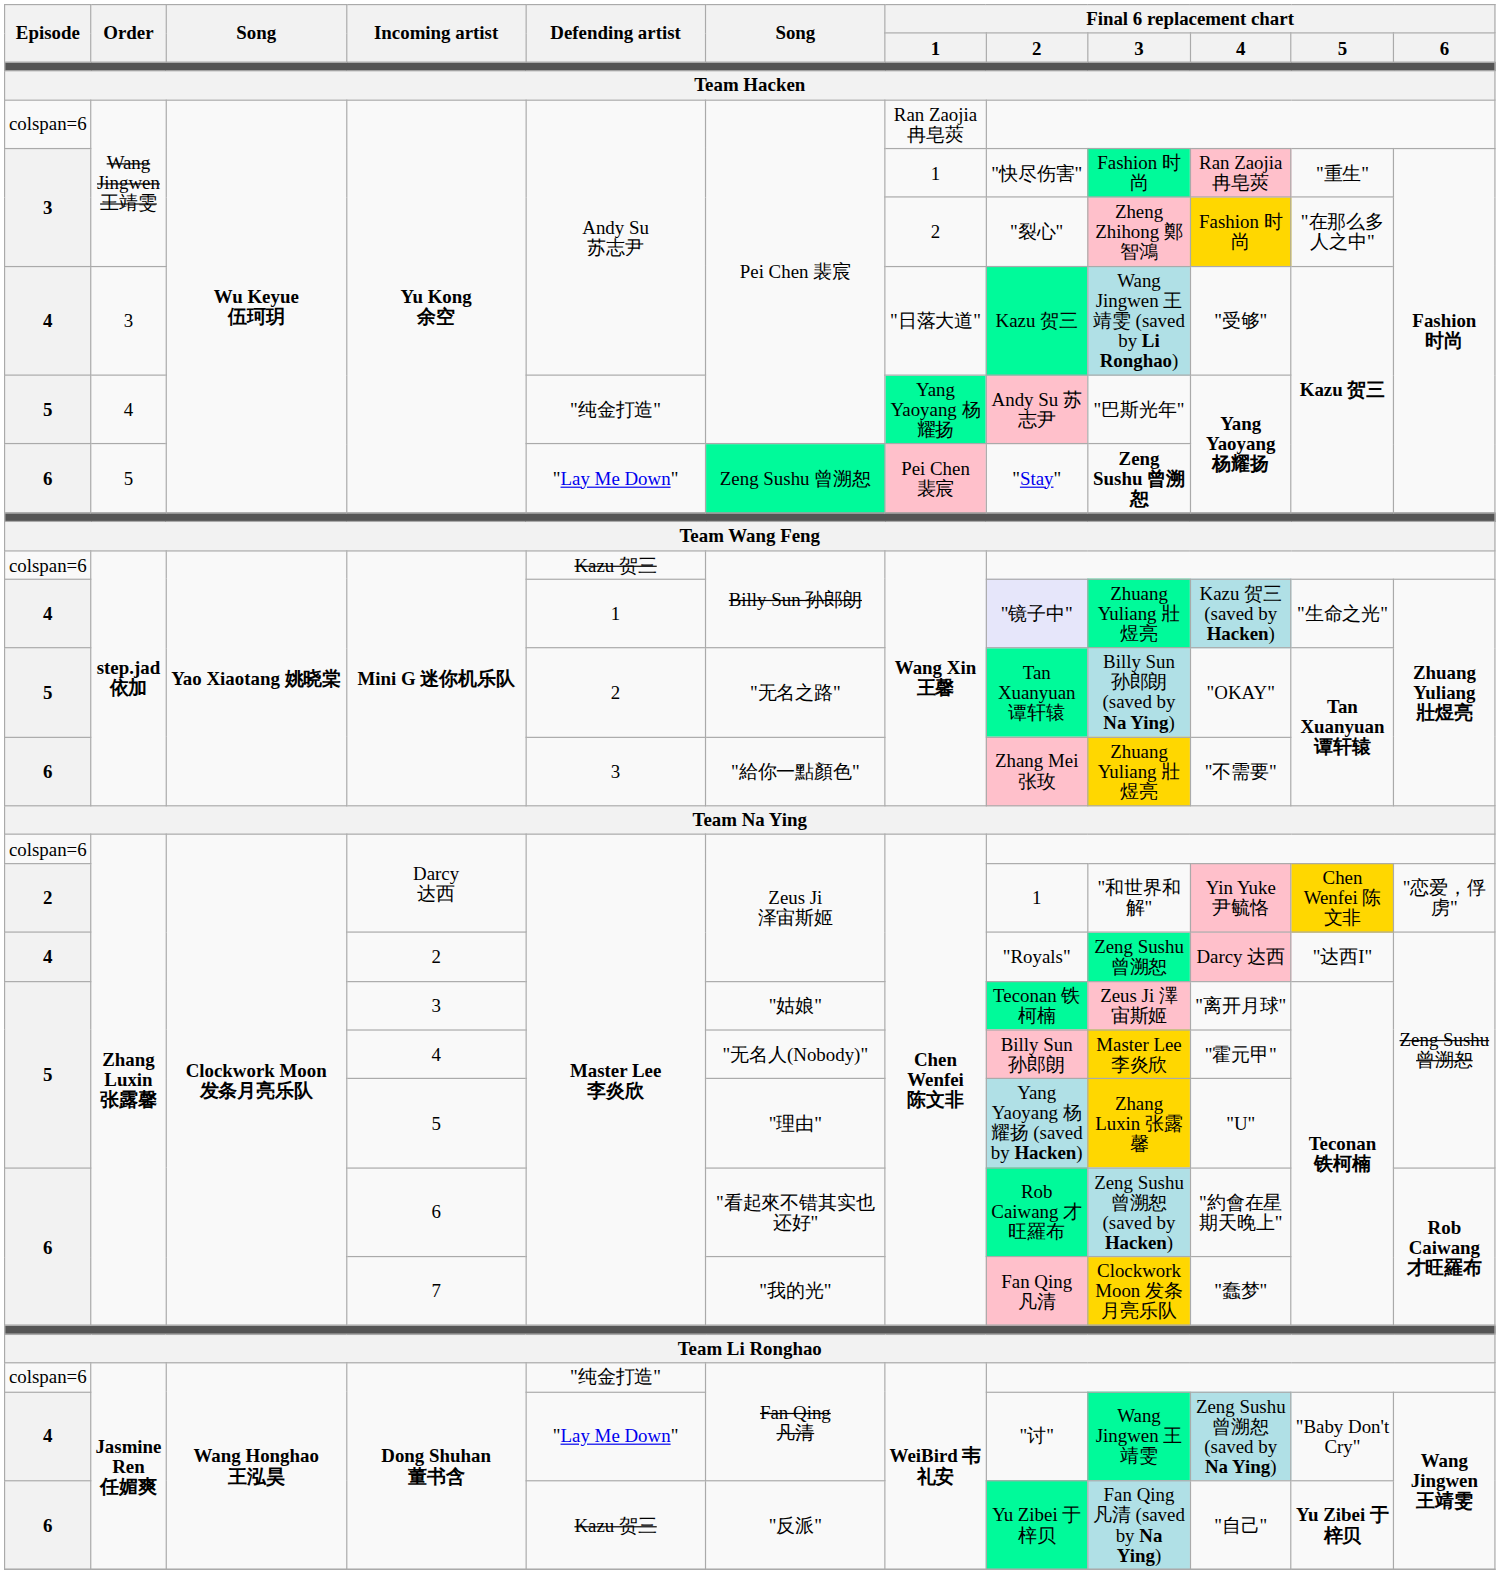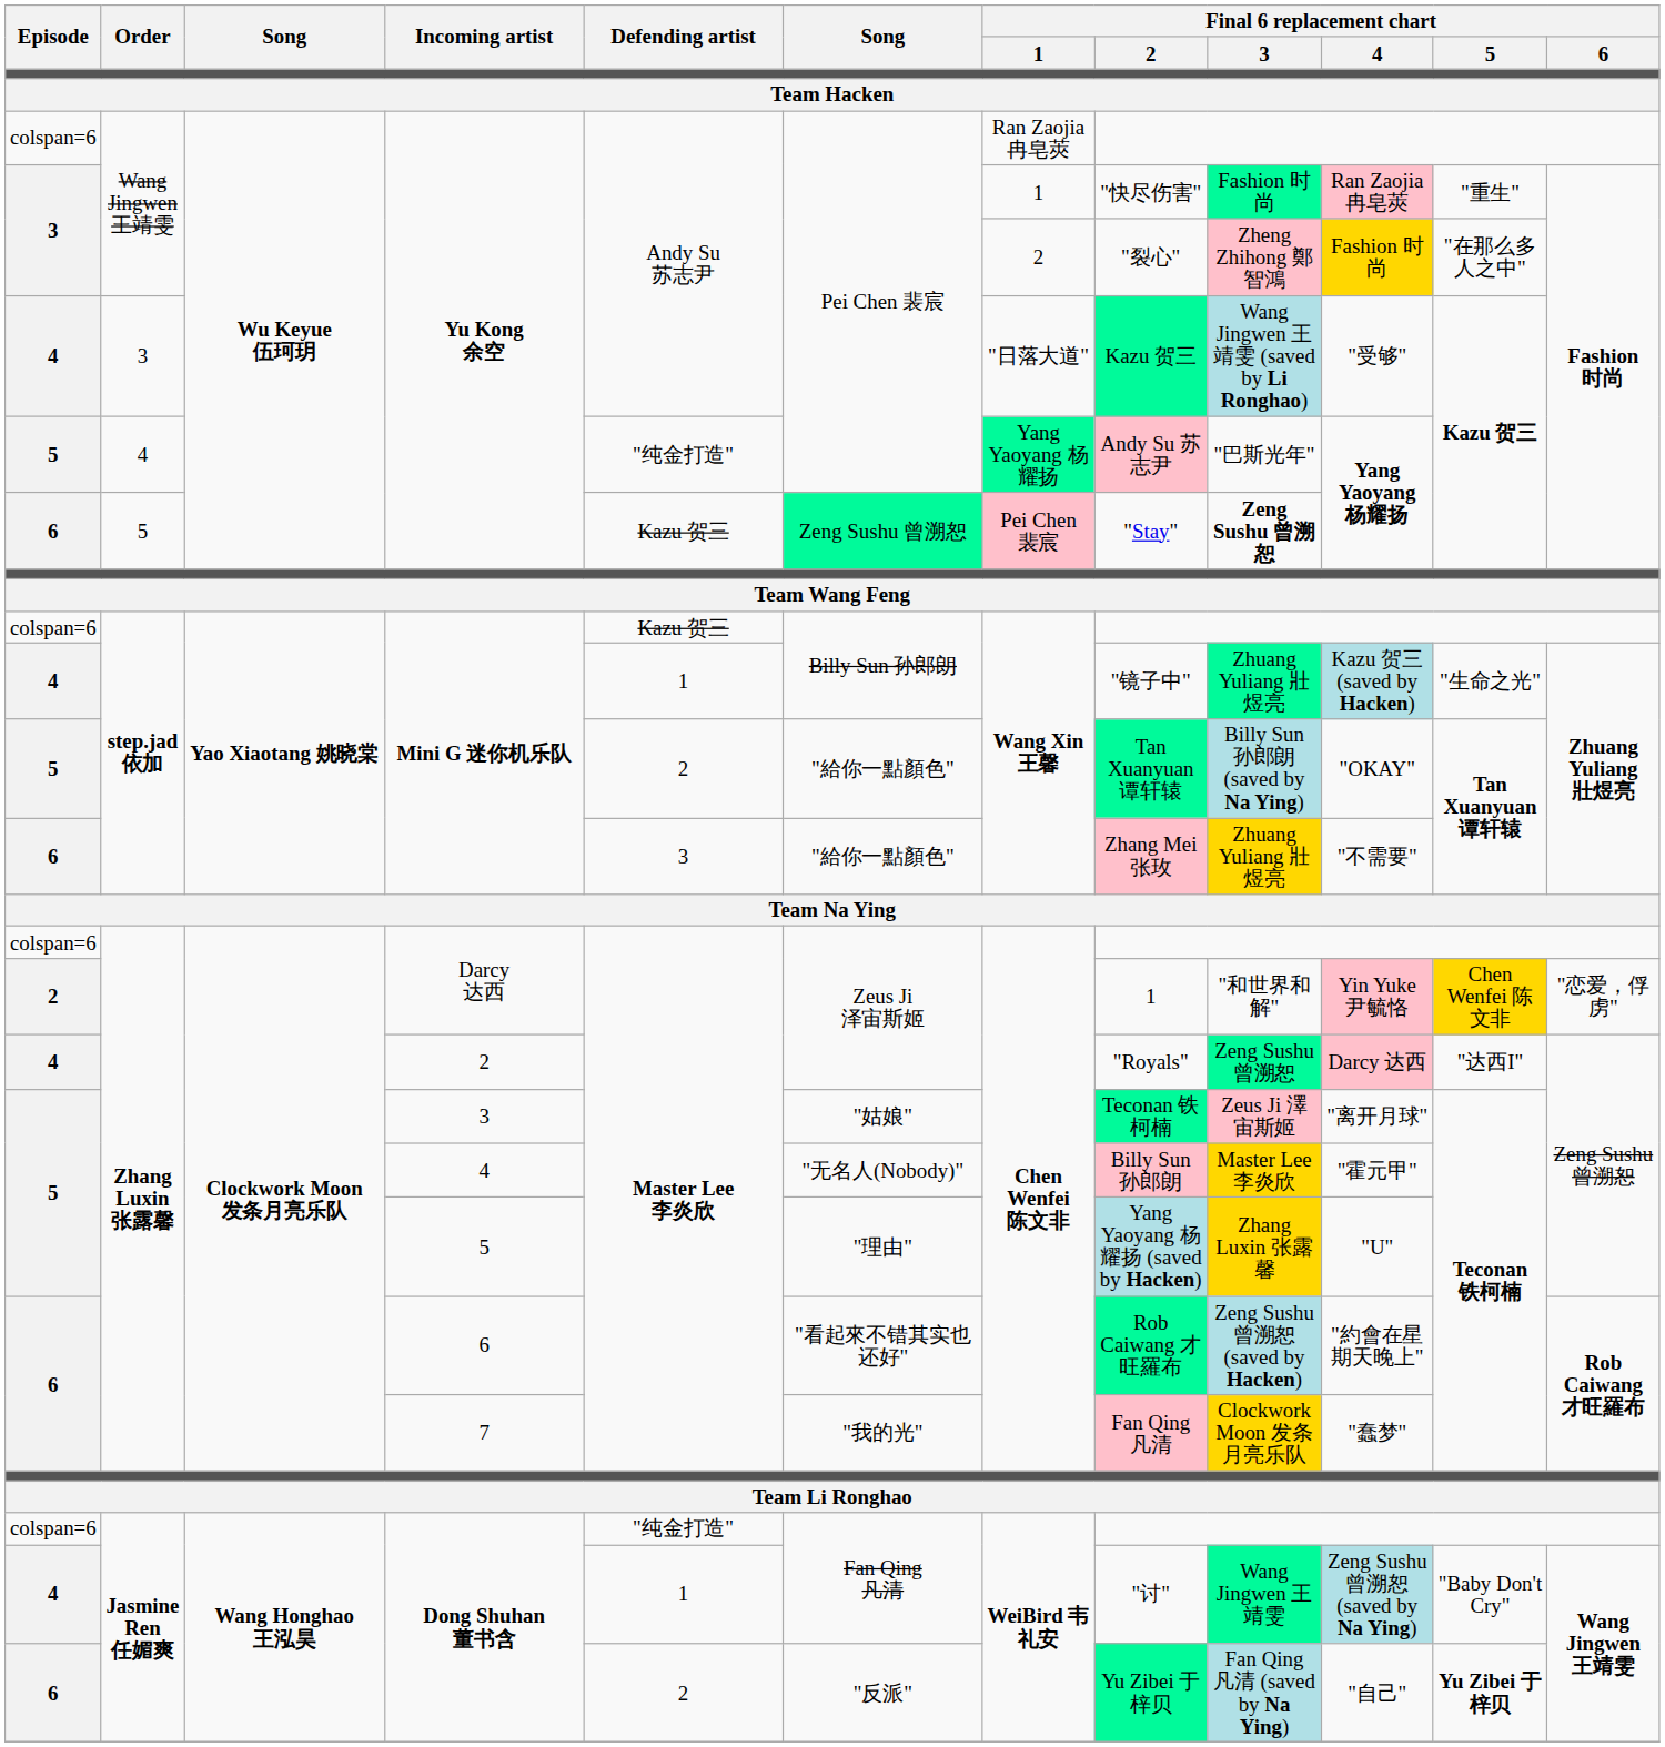 <table class="wikitable" style="text-align: center; line-height:17px; width:100%;">
 <tr>
 <th rowspan=2 style="width:4%;">Episode</th>
 <th rowspan=2 style="width:2%;">Order</th>
 <th rowspan=2 style="width:13%;">Song</th>
 <th rowspan=2 style="width:13%;">Incoming artist</th>
 <th rowspan=2 style="width:13%;">Defending artist</th>
 <th rowspan=2 style="width:13%;">Song</th>
 <th colspan=6>Final 6 replacement chart</th>
 </tr>
 <tr>
 <th style="width:7%;">1</th>
 <th style="width:7%;">2</th>
 <th style="width:7%;">3</th>
 <th style="width:7%;">4</th>
 <th style="width:7%;">5</th>
 <th style="width:7%;">6</th>
 </tr>
 <tr>
 <td colspan="12" style="background:#555;"></td>
 </tr>
 <tr>
 <th colspan=12>Team Hacken</th>
 </tr>
 <tr>
 <td>colspan=6 </td>
 <td rowspan=3><s>Wang Jingwen<br>王靖雯</s></td>
 <td rowspan=6><strong>Wu Keyue<br>伍珂玥</strong></td>
 <td rowspan=6><strong>Yu Kong<br>余空</strong></td>
 <td rowspan=4>Andy Su<br>苏志尹</td>
 <td rowspan=5>Pei Chen 裴宸</td>
 <td>Ran Zaojia 冉皂莢</td>
 </tr>
 <tr>
 <th rowspan=2>3</th>
 <td>1</td>
 <td>"快尽伤害"</td>
 <td style="background:#00fa9a;">Fashion 时尚</td>
 <td style="background:pink;">Ran Zaojia 冉皂莢</td>
 <td>"重生"</td>
 <td rowspan=5><strong>Fashion<br>时尚</strong></td>
 </tr>
 <tr>
 <td>2</td>
 <td>"裂心"</td>
 <td style="background:pink;">Zheng Zhihong 鄭智鴻</td>
 <td style="background:gold;">Fashion 时尚</td>
 <td>"在那么多人之中"</td>
 </tr>
 <tr>
 <th rowspan=1>4</th>
 <td>3</td>
 <td>"日落大道"</td>
 <td style="background:#00fa9a;">Kazu 贺三</td>
 <td style="background:#b0e0e6;">Wang Jingwen 王靖雯 (saved by <strong>Li Ronghao</strong>) </td>
 <td>"受够"</td>
 <td rowspan=3><strong>Kazu 贺三</strong></td>
 </tr>
 <tr>
 <th rowspan=1>5</th>
 <td>4</td>
 <td>"纯金打造"</td>
 <td style="background:#00fa9a;">Yang Yaoyang 杨耀扬</td>
 <td style="background:pink;">Andy Su 苏志尹</td>
 <td>"巴斯光年"</td>
 <td rowspan=2><strong>Yang Yaoyang 杨耀扬</strong></td>
 </tr>
 <tr>
 <th rowspan=1>6</th>
 <td>5</td>
-<td>"<a href='#'>Lay Me Down</a>"</td>
+<td><s>Kazu 贺三</s></td>
 <td style="background:#00fa9a;">Zeng Sushu 曾溯恕</td>
 <td style="background:pink;">Pei Chen 裴宸</td>
 <td>"<a href='#'>Stay</a>"</td>
 <td><strong>Zeng Sushu 曾溯恕</strong></td>
 </tr>
 <tr>
 <td colspan="12" style="background:#555;"></td>
 </tr>
 <tr>
 <th colspan=12>Team Wang Feng</th>
 </tr>
 <tr>
 <td>colspan=6 </td>
 <td rowspan=4><strong>step.jad 依加</strong></td>
 <td rowspan=4><strong>Yao Xiaotang 姚晓棠</strong></td>
 <td rowspan=4><strong>Mini G 迷你机乐队</strong></td>
 <td><s>Kazu 贺三</s></td>
 <td rowspan=2><s>Billy Sun 孙郎朗</s></td>
 <td rowspan=4><strong>Wang Xin 王馨</strong></td>
 </tr>
 <tr>
 <th rowspan=1>4</th>
 <td>1</td>
-<td style="background: lavender;">"镜子中"</td>
+<td>"镜子中"</td>
 <td style="background:#00fa9a;">Zhuang Yuliang 壯煜亮</td>
 <td style="background:#b0e0e6;">Kazu 贺三 (saved by <strong>Hacken</strong>) </td>
 <td>"生命之光"</td>
 <td rowspan=3><strong>Zhuang Yuliang<br>壯煜亮</strong></td>
 </tr>
 <tr>
 <th rowspan=1>5</th>
 <td>2</td>
-<td>"无名之路"</td>
+<td>"給你一點顏色"</td>
 <td style="background:#00fa9a;">Tan Xuanyuan 谭轩辕</td>
 <td style="background:#b0e0e6;">Billy Sun 孙郎朗 (saved by <strong>Na Ying</strong>)</td>
 <td>"OKAY"</td>
 <td rowspan=2><strong>Tan Xuanyuan<br>谭轩辕</strong></td>
 </tr>
 <tr>
 <th rowspan=1>6</th>
 <td>3</td>
 <td>"給你一點顏色"</td>
 <td style="background:pink;">Zhang Mei 张玫</td>
 <td style="background:gold;">Zhuang Yuliang 壯煜亮</td>
 <td>"不需要"</td>
 </tr>
 <tr>
 <th colspan=12>Team Na Ying</th>
 </tr>
 <tr>
 <td>colspan=6 </td>
 <td rowspan=8><strong>Zhang Luxin<br>张露馨</strong></td>
 <td rowspan=8><strong>Clockwork Moon<br>发条月亮乐队</strong></td>
 <td rowspan=2>Darcy<br>达西</td>
 <td rowspan=8><strong>Master Lee<br>李炎欣</strong></td>
 <td rowspan=3>Zeus Ji<br>泽宙斯姬</td>
 <td rowspan=8><strong>Chen Wenfei<br>陈文非</strong></td>
 </tr>
 <tr>
 <th rowspan=1>2</th>
 <td>1</td>
 <td>"和世界和解"</td>
 <td style="background:pink;">Yin Yuke 尹毓恪</td>
 <td style="background:gold;">Chen Wenfei 陈文非</td>
 <td>"恋爱，俘虏"</td>
 </tr>
 <tr>
 <th rowspan=1>4</th>
 <td>2</td>
 <td>"Royals"</td>
 <td style="background:#00fa9a;">Zeng Sushu 曾溯恕</td>
 <td style="background:pink;">Darcy 达西</td>
 <td>"达西I"</td>
 <td rowspan=4><s>Zeng Sushu<br>曾溯恕</s></td>
 </tr>
 <tr>
 <th rowspan=3>5</th>
 <td>3</td>
 <td>"姑娘"</td>
 <td style="background:#00fa9a;">Teconan 铁柯楠</td>
 <td style="background:pink;">Zeus Ji 澤宙斯姬</td>
 <td>"离开月球"</td>
 <td rowspan=5><strong>Teconan<br>铁柯楠</strong></td>
 </tr>
 <tr>
 <td>4</td>
 <td>"无名人(Nobody)"</td>
 <td style="background:pink;">Billy Sun 孙郎朗</td>
 <td style="background:gold;">Master Lee 李炎欣</td>
 <td>"霍元甲"</td>
 </tr>
 <tr>
 <td>5</td>
 <td>"理由"</td>
 <td style="background:#b0e0e6;">Yang Yaoyang 杨耀扬 (saved by <strong>Hacken</strong>)</td>
 <td style="background:gold;">Zhang Luxin 张露馨</td>
 <td>"U"</td>
 </tr>
 <tr>
 <th rowspan=2>6</th>
 <td>6</td>
 <td>"看起來不错其实也还好"</td>
 <td style="background:#00fa9a;">Rob Caiwang 才旺羅布</td>
 <td style="background:#b0e0e6;">Zeng Sushu 曾溯恕 (saved by <strong>Hacken</strong>) </td>
 <td>"約會在星期天晚上"</td>
 <td rowspan=2><strong>Rob Caiwang 才旺羅布</strong></td>
 </tr>
 <tr>
 <td>7</td>
 <td>"我的光"</td>
 <td style="background:pink;">Fan Qing 凡清</td>
 <td style="background:gold;">Clockwork Moon 发条月亮乐队</td>
 <td>"蠢梦"</td>
 </tr>
 <tr>
 <td colspan="12" style="background:#555;"></td>
 </tr>
 <tr>
 <th colspan=12>Team Li Ronghao</th>
 </tr>
 <tr>
 <td>colspan=6 </td>
 <td rowspan=3><strong>Jasmine Ren<br>任媚爽</strong></td>
 <td rowspan=3><strong>Wang Honghao<br>王泓昊</strong></td>
 <td rowspan=3><strong>Dong Shuhan<br>董书含</strong></td>
 <td>"纯金打造"</td>
 <td rowspan=2><s>Fan Qing<br>凡清</s></td>
 <td rowspan=3><strong>WeiBird 韦礼安</strong></td>
 </tr>
 <tr>
 <th rowspan=1>4</th>
-<td>"<a href='#'>Lay Me Down</a>"</td>
+<td>1</td>
 <td>"讨"</td>
 <td style="background:#00fa9a;">Wang Jingwen 王靖雯</td>
 <td style="background:#b0e0e6;">Zeng Sushu 曾溯恕 (saved by <strong>Na Ying</strong>)</td>
 <td>"Baby Don't Cry"</td>
 <td rowspan=2><strong>Wang Jingwen<br>王靖雯</strong></td>
 </tr>
 <tr>
 <th rowspan=1>6</th>
-<td><s>Kazu 贺三</s></td>
+<td>2</td>
 <td>"反派"</td>
 <td style="background:#00fa9a;">Yu Zibei 于梓贝</td>
 <td style="background:#b0e0e6;">Fan Qing 凡清 (saved by <strong>Na Ying</strong>)</td>
 <td>"自己"</td>
 <td><strong>Yu Zibei 于梓贝</strong></td>
 </tr>
 <tr>
 </tr>
 </table>
